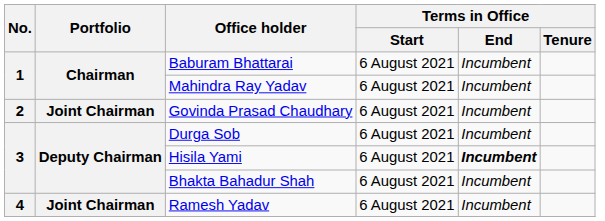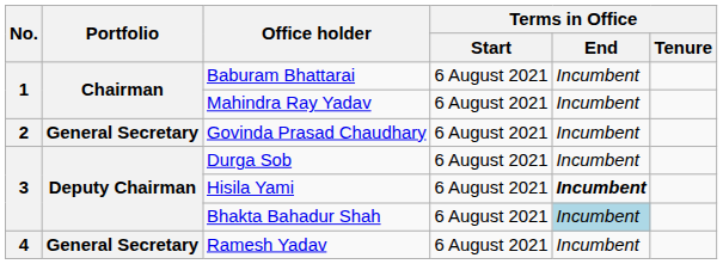 <table class="wikitable">
 <tr>
 <th rowspan="2" style="background-color:">No.</th>
 <th rowspan="2" style="background-color:">Portfolio</th>
 <th rowspan="2" style="background-color:">Office holder</th>
 <th colspan="3" style="background-color:">Terms in Office</th>
 </tr>
 <tr>
 <th style="background-color:">Start</th>
 <th style="background-color:">End</th>
 <th style="background-color:">Tenure</th>
 </tr>
 <tr>
 <th rowspan="2">1</th>
 <th rowspan="2">Chairman</th>
 <td><a href='#'>Baburam Bhattarai</a></td>
 <td>6 August 2021</td>
 <td><em>Incumbent</em></td>
 <td></td>
 </tr>
 <tr>
 <td><a href='#'>Mahindra Ray Yadav</a></td>
 <td>6 August 2021</td>
 <td><em>Incumbent</em></td>
 <td></td>
 </tr>
 <tr>
 <th>2</th>
-<th>Joint Chairman</th>
+<th>General Secretary</th>
 <td><a href='#'>Govinda Prasad Chaudhary</a></td>
 <td>6 August 2021</td>
 <td><em>Incumbent</em></td>
 <td></td>
 </tr>
 <tr>
 <th rowspan="3">3</th>
 <th rowspan="3">Deputy Chairman</th>
 <td><a href='#'>Durga Sob</a></td>
 <td>6 August 2021</td>
 <td><em>Incumbent</em></td>
 <td></td>
 </tr>
 <tr>
 <td><a href='#'>Hisila Yami</a></td>
 <td>6 August 2021</td>
 <td><strong><em>Incumbent</em></strong></td>
 <td></td>
 </tr>
 <tr>
 <td><a href='#'>Bhakta Bahadur Shah</a></td>
 <td>6 August 2021</td>
-<td><em>Incumbent</em></td>
+<td style="background: lightblue;"><em>Incumbent</em></td>
 <td></td>
 </tr>
 <tr>
 <th>4</th>
-<th>Joint Chairman</th>
+<th>General Secretary</th>
 <td><a href='#'>Ramesh Yadav</a></td>
 <td>6 August 2021</td>
 <td><em>Incumbent</em></td>
 <td></td>
 </tr>
 </table>
